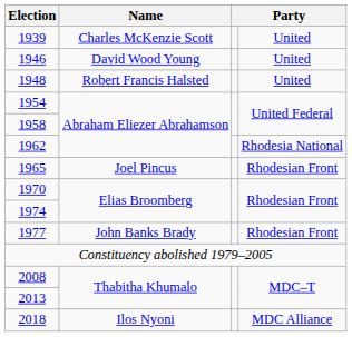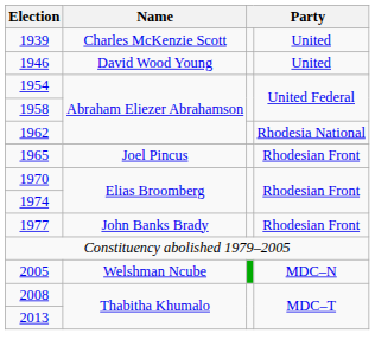 <table class="wikitable" style="text-align:center">
 <tr>
 <th>Election</th>
 <th>Name</th>
 <th colspan="2">Party</th>
 </tr>
 <tr>
 <td><a href='#'>1939</a></td>
 <td><a href='#'>Charles McKenzie Scott</a></td>
 <td style="background-color: "></td>
 <td><a href='#'>United</a></td>
 </tr>
 <tr>
 <td><a href='#'>1946</a></td>
 <td><a href='#'>David Wood Young</a></td>
-<td style="background-color: "></td>
-<td><a href='#'>United</a></td>
-</tr>
-<tr>
-<td><a href='#'>1948</a></td>
-<td><a href='#'>Robert Francis Halsted</a></td>
 <td style="background-color: "></td>
 <td><a href='#'>United</a></td>
 </tr>
 <tr>
 <td><a href='#'>1954</a></td>
 <td rowspan="3"><a href='#'>Abraham Eliezer Abrahamson</a></td>
 <td rowspan="2" style="background-color: "></td>
 <td rowspan="2"><a href='#'>United Federal</a></td>
 </tr>
 <tr>
 <td><a href='#'>1958</a></td>
 </tr>
 <tr>
 <td><a href='#'>1962</a></td>
 <td></td>
 <td><a href='#'>Rhodesia National</a></td>
 </tr>
 <tr>
 <td><a href='#'>1965</a></td>
 <td><a href='#'>Joel Pincus</a></td>
 <td style="background-color: "></td>
 <td><a href='#'>Rhodesian Front</a></td>
 </tr>
 <tr>
 <td><a href='#'>1970</a></td>
 <td rowspan="2"><a href='#'>Elias Broomberg</a></td>
 <td rowspan="2" style="background-color: "></td>
 <td rowspan="2"><a href='#'>Rhodesian Front</a></td>
 </tr>
 <tr>
 <td><a href='#'>1974</a></td>
 </tr>
 <tr>
 <td><a href='#'>1977</a></td>
 <td><a href='#'>John Banks Brady</a></td>
 <td style="background-color: "></td>
 <td><a href='#'>Rhodesian Front</a></td>
 </tr>
 <tr>
 <td colspan="4"><em>Constituency abolished 1979–2005</em></td>
 </tr>
 <tr>
+<td><a href='#'>2005</a></td>
+<td><a href='#'>Welshman Ncube</a></td>
+<td style="background-color:#00AB00"></td>
+<td><a href='#'>MDC–N</a></td>
+</tr>
+<tr>
 <td><a href='#'>2008</a></td>
 <td rowspan="2"><a href='#'>Thabitha Khumalo</a></td>
 <td rowspan="2" style="background-color: "></td>
 <td rowspan="2"><a href='#'>MDC–T</a></td>
 </tr>
 <tr>
 <td><a href='#'>2013</a></td>
 </tr>
-<tr>
-<td><a href='#'>2018</a></td>
-<td><a href='#'>Ilos Nyoni</a></td>
-<td style="background-color: "></td>
-<td><a href='#'>MDC Alliance</a></td>
-</tr>
 </table>
